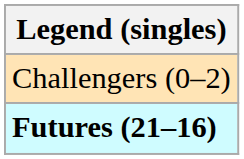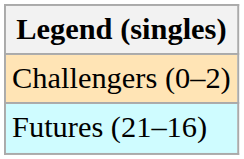 <table class=wikitable style=font-size:97%>
 <tr>
 <th>Legend (singles)</th>
 </tr>
 <tr bgcolor=moccasin>
 <td>Challengers (0–2)</td>
 </tr>
 <tr bgcolor=cffcff>
-<td><strong>Futures (21–16)</strong></td>
+<td>Futures (21–16)</td>
 </tr>
 </table>
